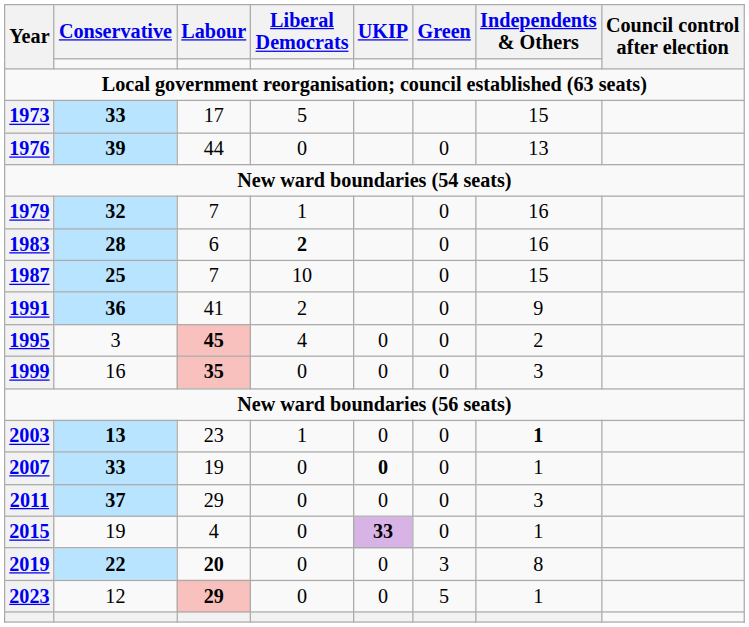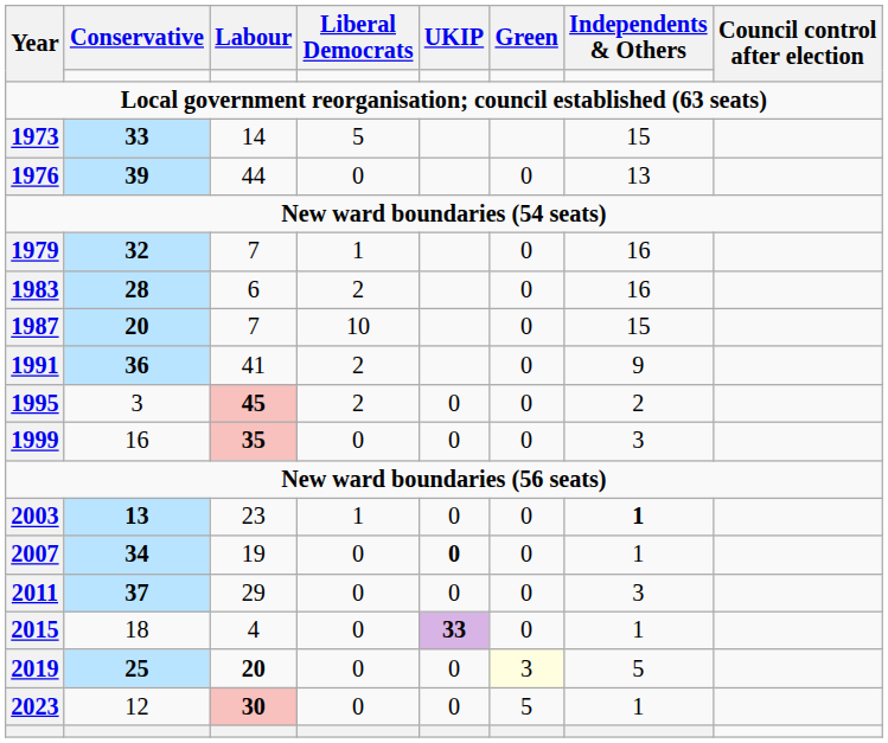 <table class="wikitable plainrowheaders" style="text-align:center">
 <tr>
 <th scope="col" rowspan="2">Year</th>
 <th scope="col"><a href='#'>Conservative</a></th>
 <th scope="col"><a href='#'>Labour</a></th>
 <th scope="col" style="width:1px"><a href='#'>Liberal Democrats</a></th>
 <th scope="col"><a href='#'>UKIP</a></th>
 <th scope="col"><a href='#'>Green</a></th>
 <th scope="col"><a href='#'>Independents</a><br>& Others</th>
 <th scope="col" rowspan="2" colspan="2">Council control<br>after election</th>
 </tr>
 <tr>
 <td style="background:"></td>
 <td style="background:"></td>
 <td style="background:"></td>
 <td style="background:"></td>
 <td style="background:"></td>
 <td style="background:"></td>
 </tr>
 <tr>
 <td colspan="9"><strong>Local government reorganisation; council established (63 seats)</strong></td>
 </tr>
 <tr>
 <th scope="row"><a href='#'>1973</a></th>
 <td style="background:#B9E4FF;"><strong>33</strong></td>
-<td>17</td>
+<td>14</td>
 <td>5</td>
 <td></td>
 <td></td>
 <td>15</td>
 <td></td>
 </tr>
 <tr>
 <th scope="row"><a href='#'>1976</a></th>
 <td style="background:#B9E4FF;"><strong>39</strong></td>
 <td>44</td>
 <td>0</td>
 <td></td>
 <td>0</td>
 <td>13</td>
 <td></td>
 </tr>
 <tr>
 <td colspan="9"><strong>New ward boundaries (54 seats)</strong></td>
 </tr>
 <tr>
 <th scope="row"><a href='#'>1979</a></th>
 <td style="background:#B9E4FF;"><strong>32</strong></td>
 <td>7</td>
 <td>1</td>
 <td></td>
 <td>0</td>
 <td>16</td>
 <td></td>
 </tr>
 <tr>
 <th scope="row"><a href='#'>1983</a></th>
 <td style="background:#B9E4FF;"><strong>28</strong></td>
 <td>6</td>
-<td><strong>2</strong></td>
+<td>2</td>
 <td></td>
 <td>0</td>
 <td>16</td>
 <td></td>
 </tr>
 <tr>
 <th scope="row"><a href='#'>1987</a></th>
-<td style="background:#B9E4FF;"><strong>25</strong></td>
+<td style="background:#B9E4FF;"><strong>20</strong></td>
 <td>7</td>
 <td>10</td>
 <td></td>
 <td>0</td>
 <td>15</td>
 <td></td>
 </tr>
 <tr>
 <th scope="row"><a href='#'>1991</a></th>
 <td style="background:#B9E4FF;"><strong>36</strong></td>
 <td>41</td>
 <td>2</td>
 <td></td>
 <td>0</td>
 <td>9</td>
 <td></td>
 </tr>
 <tr>
 <th scope="row"><a href='#'>1995</a></th>
 <td>3</td>
 <td style="background:#F8C1BE;"><strong>45</strong></td>
-<td>4</td>
+<td>2</td>
 <td>0</td>
 <td>0</td>
 <td>2</td>
 <td></td>
 </tr>
 <tr>
 <th scope="row"><a href='#'>1999</a></th>
 <td>16</td>
 <td style="background:#F8C1BE;"><strong>35</strong></td>
 <td>0</td>
 <td>0</td>
 <td>0</td>
 <td>3</td>
 <td></td>
 </tr>
 <tr>
 <td colspan="9"><strong>New ward boundaries (56 seats)</strong></td>
 </tr>
 <tr>
 <th scope="row"><a href='#'>2003</a></th>
 <td style="background:#B9E4FF;"><strong>13</strong></td>
 <td>23</td>
 <td>1</td>
 <td>0</td>
 <td>0</td>
 <td><strong>1</strong></td>
 <td></td>
 </tr>
 <tr>
 <th scope="row"><a href='#'>2007</a></th>
-<td style="background:#B9E4FF;"><strong>33</strong></td>
+<td style="background:#B9E4FF;"><strong>34</strong></td>
 <td>19</td>
 <td>0</td>
 <td><strong>0</strong></td>
 <td>0</td>
 <td>1</td>
 <td></td>
 </tr>
 <tr>
 <th scope="row"><a href='#'>2011</a></th>
 <td style="background:#B9E4FF;"><strong>37</strong></td>
 <td>29</td>
 <td>0</td>
 <td>0</td>
 <td>0</td>
 <td>3</td>
 <td></td>
 </tr>
 <tr>
 <th scope="row"><a href='#'>2015</a></th>
-<td>19</td>
+<td>18</td>
 <td>4</td>
 <td>0</td>
 <td style="background:#D8B3E5;"><strong>33</strong></td>
 <td>0</td>
 <td>1</td>
 <td></td>
 </tr>
 <tr>
 <th scope="row"><a href='#'>2019</a></th>
-<td style="background:#B9E4FF;"><strong>22</strong></td>
+<td style="background:#B9E4FF;"><strong>25</strong></td>
 <td><strong>20</strong></td>
 <td>0</td>
 <td>0</td>
-<td>3</td>
-<td>8</td>
+<td style="background: lightyellow;">3</td>
+<td>5</td>
 <td></td>
 </tr>
 <tr>
 <th scope="row"><a href='#'>2023</a></th>
 <td>12</td>
-<td style="background:#F8C1BE;"><strong>29</strong></td>
+<td style="background:#F8C1BE;"><strong>30</strong></td>
 <td>0</td>
 <td>0</td>
 <td>5</td>
 <td>1</td>
 <td></td>
 </tr>
 <tr>
 <th></th>
 <th style="background-color: "></th>
 <th style="background-color: "></th>
 <th style="background-color: "></th>
 <th style="background-color: "></th>
 <th style="background-color: "></th>
 <th style="background-color: "></th>
 </tr>
 </table>
